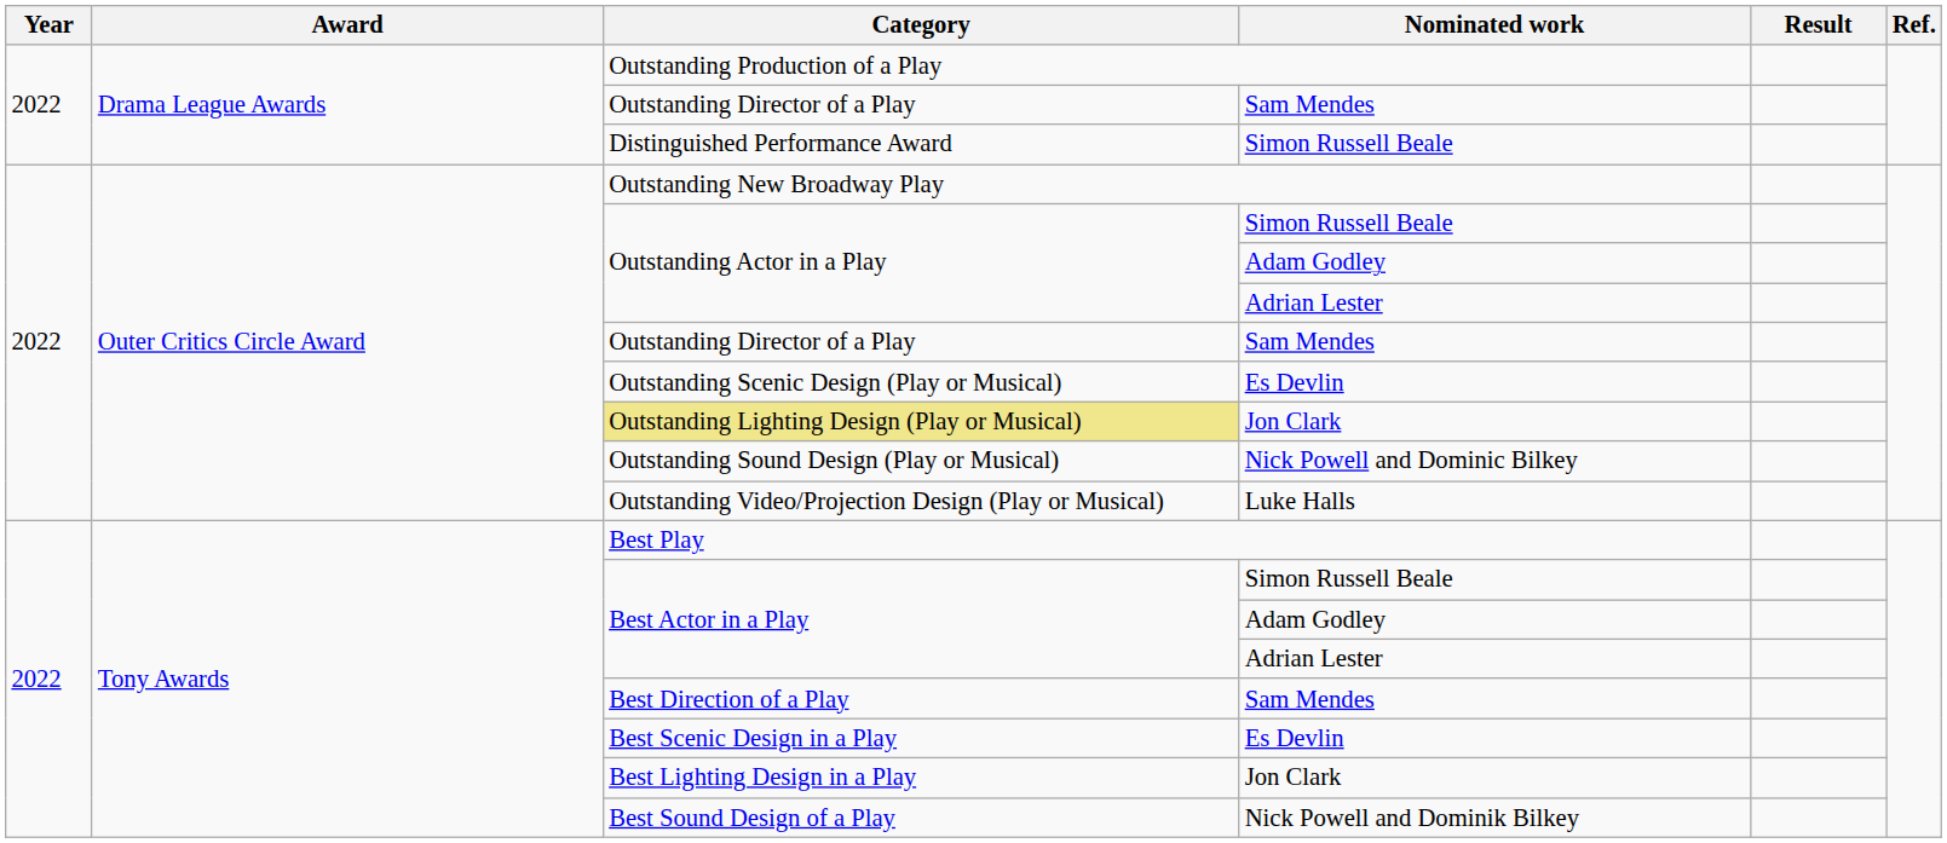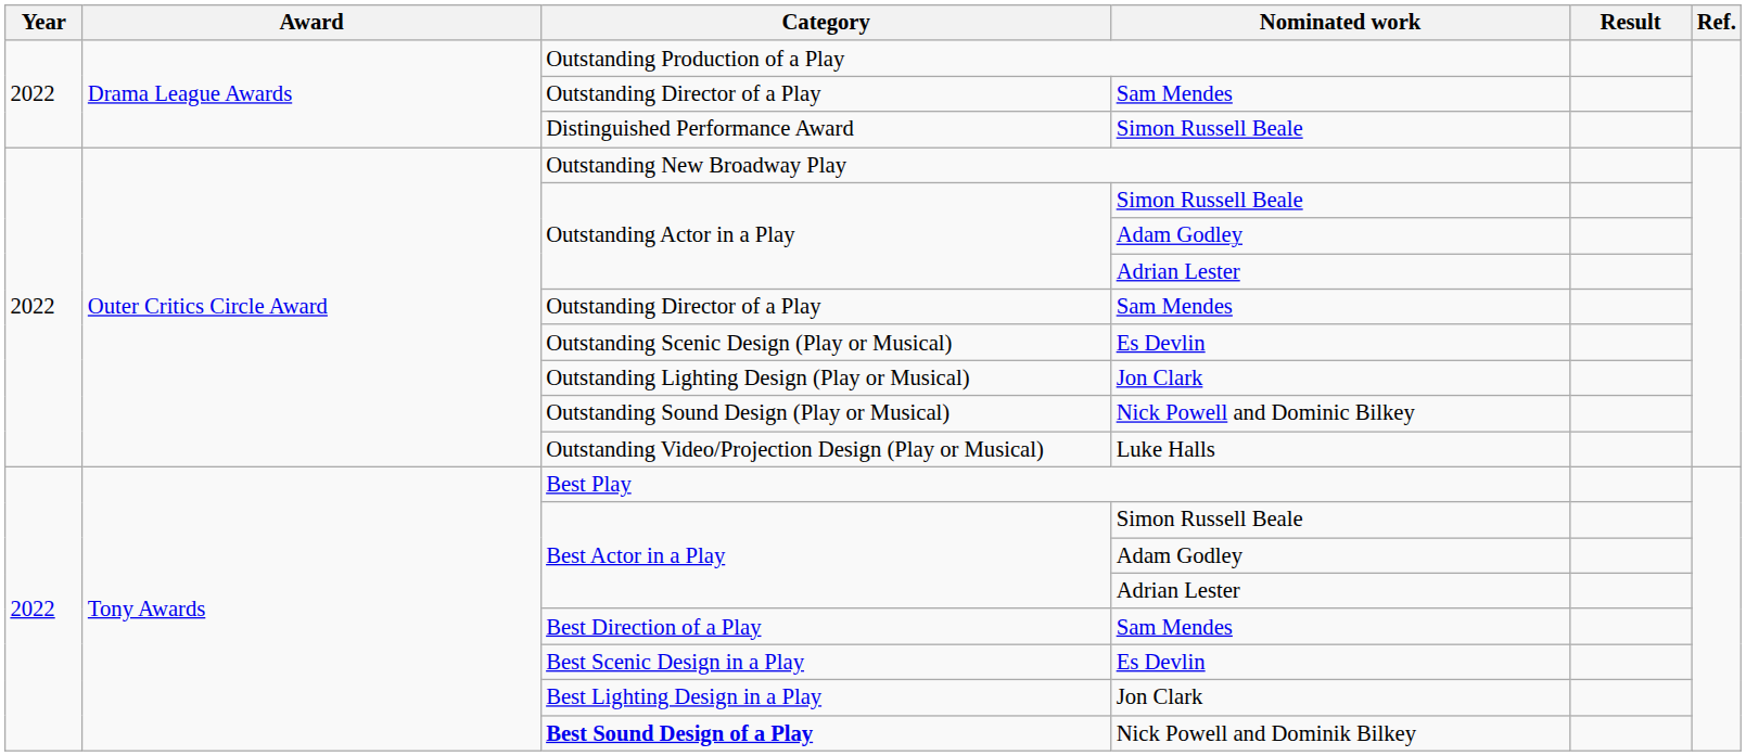 <table class=wikitable>
 <tr>
 <th scope="col" style="width:3em;">Year</th>
 <th scope="col" style="width:20em;">Award</th>
 <th scope="col" style="width:25em;">Category</th>
 <th scope="col" style="width:20em;">Nominated work</th>
 <th scope="col" style="width:5em;">Result</th>
 <th>Ref.</th>
 </tr>
 <tr>
 <td rowspan="3">2022</td>
 <td rowspan="3"><a href='#'>Drama League Awards</a></td>
 <td colspan="2">Outstanding Production of a Play</td>
 <td></td>
 <td rowspan="3"></td>
 </tr>
 <tr>
 <td>Outstanding Director of a Play</td>
 <td><a href='#'>Sam Mendes</a></td>
 <td></td>
 </tr>
 <tr>
 <td>Distinguished Performance Award</td>
 <td><a href='#'>Simon Russell Beale</a></td>
 <td></td>
 </tr>
 <tr>
 <td rowspan=9>2022</td>
 <td rowspan=9><a href='#'>Outer Critics Circle Award</a></td>
 <td colspan="2">Outstanding New Broadway Play</td>
 <td></td>
 <td rowspan=9></td>
 </tr>
 <tr>
 <td rowspan=3>Outstanding Actor in a Play</td>
 <td><a href='#'>Simon Russell Beale</a></td>
 <td></td>
 </tr>
 <tr>
 <td><a href='#'>Adam Godley</a></td>
 <td></td>
 </tr>
 <tr>
 <td><a href='#'>Adrian Lester</a></td>
 <td></td>
 </tr>
 <tr>
 <td>Outstanding Director of a Play</td>
 <td><a href='#'>Sam Mendes</a></td>
 <td></td>
 </tr>
 <tr>
 <td>Outstanding Scenic Design (Play or Musical)</td>
 <td><a href='#'>Es Devlin</a></td>
 <td></td>
 </tr>
 <tr>
-<td style="background: khaki;">Outstanding Lighting Design (Play or Musical)</td>
+<td>Outstanding Lighting Design (Play or Musical)</td>
 <td><a href='#'>Jon Clark</a></td>
 <td></td>
 </tr>
 <tr>
 <td>Outstanding Sound Design (Play or Musical)</td>
 <td><a href='#'>Nick Powell</a> and Dominic Bilkey</td>
 <td></td>
 </tr>
 <tr>
 <td>Outstanding Video/Projection Design (Play or Musical)</td>
 <td>Luke Halls</td>
 <td></td>
 </tr>
 <tr>
 <td rowspan=8><a href='#'>2022</a></td>
 <td rowspan=8><a href='#'>Tony Awards</a></td>
 <td colspan=2><a href='#'>Best Play</a></td>
 <td></td>
 <td rowspan=8></td>
 </tr>
 <tr>
 <td rowspan=3><a href='#'>Best Actor in a Play</a></td>
 <td>Simon Russell Beale</td>
 <td></td>
 </tr>
 <tr>
 <td>Adam Godley</td>
 <td></td>
 </tr>
 <tr>
 <td>Adrian Lester</td>
 <td></td>
 </tr>
 <tr>
 <td><a href='#'>Best Direction of a Play</a></td>
 <td><a href='#'>Sam Mendes</a></td>
 <td></td>
 </tr>
 <tr>
 <td><a href='#'>Best Scenic Design in a Play</a></td>
 <td><a href='#'>Es Devlin</a></td>
 <td></td>
 </tr>
 <tr>
 <td><a href='#'>Best Lighting Design in a Play</a></td>
 <td>Jon Clark</td>
 <td></td>
 </tr>
 <tr>
-<td><a href='#'>Best Sound Design of a Play</a></td>
+<td><strong><a href='#'>Best Sound Design of a Play</a></strong></td>
 <td>Nick Powell and Dominik Bilkey</td>
 <td></td>
 </tr>
 </table>
